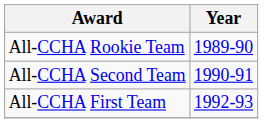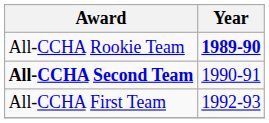 <table class="wikitable">
 <tr>
 <th>Award</th>
 <th>Year</th>
 </tr>
 <tr>
 <td>All-<a href='#'>CCHA</a> <a href='#'>Rookie Team</a></td>
-<td><a href='#'>1989-90</a></td>
+<td><strong><a href='#'>1989-90</a></strong></td>
 </tr>
 <tr>
-<td>All-<a href='#'>CCHA</a> <a href='#'>Second Team</a></td>
+<td><strong>All-<a href='#'>CCHA</a> <a href='#'>Second Team</a></strong></td>
 <td><a href='#'>1990-91</a></td>
 </tr>
 <tr>
 <td>All-<a href='#'>CCHA</a> <a href='#'>First Team</a></td>
 <td><a href='#'>1992-93</a></td>
 </tr>
 <tr>
 </tr>
 </table>
